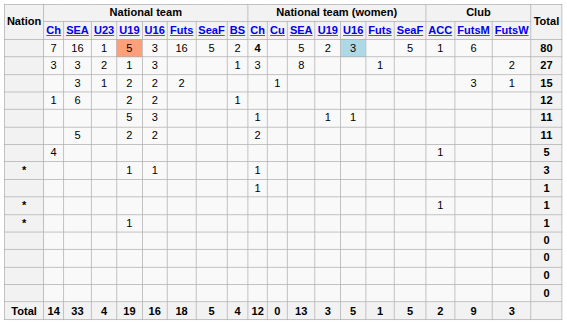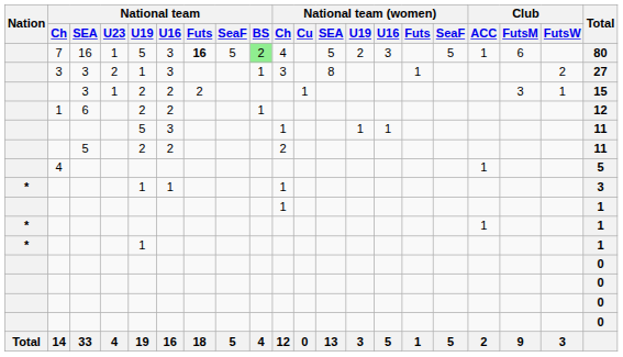 <table class="wikitable" style="text-align:center">
 <tr>
 <th rowspan=2>Nation</th>
 <th colspan=8>National team</th>
 <th colspan=7>National team (women)</th>
 <th colspan=3>Club</th>
 <th rowspan=2>Total</th>
 </tr>
 <tr>
 <th><a href='#'>Ch</a></th>
 <th><a href='#'>SEA</a></th>
 <th><a href='#'>U23</a></th>
 <th><a href='#'>U19</a></th>
 <th><a href='#'>U16</a></th>
 <th><a href='#'>Futs</a></th>
 <th><a href='#'>SeaF</a></th>
 <th><a href='#'>BS</a></th>
 <th><a href='#'>Ch</a></th>
 <th><a href='#'>Cu</a></th>
 <th><a href='#'>SEA</a></th>
 <th><a href='#'>U19</a></th>
 <th><a href='#'>U16</a></th>
 <th><a href='#'>Futs</a></th>
 <th><a href='#'>SeaF</a></th>
 <th><a href='#'>ACC</a></th>
 <th><a href='#'>FutsM</a></th>
 <th><a href='#'>FutsW</a></th>
 </tr>
 <tr>
 <th></th>
 <td>7</td>
 <td>16</td>
 <td>1</td>
-<td style="background: lightsalmon;">5</td>
+<td>5</td>
 <td>3</td>
-<td>16</td>
+<td><strong>16</strong></td>
 <td>5</td>
-<td>2</td>
-<td><strong>4</strong></td>
+<td style="background: lightgreen;">2</td>
+<td>4</td>
 <td></td>
 <td>5</td>
 <td>2</td>
-<td style="background: lightblue;">3</td>
+<td>3</td>
 <td></td>
 <td>5</td>
 <td>1</td>
 <td>6</td>
 <td></td>
 <th>80</th>
 </tr>
 <tr>
 <th></th>
 <td>3</td>
 <td>3</td>
 <td>2</td>
 <td>1</td>
 <td>3</td>
 <td></td>
 <td></td>
 <td>1</td>
 <td>3</td>
 <td></td>
 <td>8</td>
 <td></td>
 <td></td>
 <td>1</td>
 <td></td>
 <td></td>
 <td></td>
 <td>2</td>
 <th>27</th>
 </tr>
 <tr>
 <th></th>
 <td></td>
 <td>3</td>
 <td>1</td>
 <td>2</td>
 <td>2</td>
 <td>2</td>
 <td></td>
 <td></td>
 <td></td>
 <td>1</td>
 <td></td>
 <td></td>
 <td></td>
 <td></td>
 <td></td>
 <td></td>
 <td>3</td>
 <td>1</td>
 <th>15</th>
 </tr>
 <tr>
 <th></th>
 <td>1</td>
 <td>6</td>
 <td></td>
 <td>2</td>
 <td>2</td>
 <td></td>
 <td></td>
 <td>1</td>
 <td></td>
 <td></td>
 <td></td>
 <td></td>
 <td></td>
 <td></td>
 <td></td>
 <td></td>
 <td></td>
 <td></td>
 <th>12</th>
 </tr>
 <tr>
 <th></th>
 <td></td>
 <td></td>
 <td></td>
 <td>5</td>
 <td>3</td>
 <td></td>
 <td></td>
 <td></td>
 <td>1</td>
 <td></td>
 <td></td>
 <td>1</td>
 <td>1</td>
 <td></td>
 <td></td>
 <td></td>
 <td></td>
 <td></td>
 <th>11</th>
 </tr>
 <tr>
 <th></th>
 <td></td>
 <td>5</td>
 <td></td>
 <td>2</td>
 <td>2</td>
 <td></td>
 <td></td>
 <td></td>
 <td>2</td>
 <td></td>
 <td></td>
 <td></td>
 <td></td>
 <td></td>
 <td></td>
 <td></td>
 <td></td>
 <td></td>
 <th>11</th>
 </tr>
 <tr>
 <th></th>
 <td>4</td>
 <td></td>
 <td></td>
 <td></td>
 <td></td>
 <td></td>
 <td></td>
 <td></td>
 <td></td>
 <td></td>
 <td></td>
 <td></td>
 <td></td>
 <td></td>
 <td></td>
 <td>1</td>
 <td></td>
 <td></td>
 <th>5</th>
 </tr>
 <tr>
 <th>*</th>
 <td></td>
 <td></td>
 <td></td>
 <td>1</td>
 <td>1</td>
 <td></td>
 <td></td>
 <td></td>
 <td>1</td>
 <td></td>
 <td></td>
 <td></td>
 <td></td>
 <td></td>
 <td></td>
 <td></td>
 <td></td>
 <td></td>
 <th>3</th>
 </tr>
 <tr>
 <th></th>
 <td></td>
 <td></td>
 <td></td>
 <td></td>
 <td></td>
 <td></td>
 <td></td>
 <td></td>
 <td>1</td>
 <td></td>
 <td></td>
 <td></td>
 <td></td>
 <td></td>
 <td></td>
 <td></td>
 <td></td>
 <td></td>
 <th>1</th>
 </tr>
 <tr>
 <th>*</th>
 <td></td>
 <td></td>
 <td></td>
 <td></td>
 <td></td>
 <td></td>
 <td></td>
 <td></td>
 <td></td>
 <td></td>
 <td></td>
 <td></td>
 <td></td>
 <td></td>
 <td></td>
 <td>1</td>
 <td></td>
 <td></td>
 <th>1</th>
 </tr>
 <tr>
 <th>*</th>
 <td></td>
 <td></td>
 <td></td>
 <td>1</td>
 <td></td>
 <td></td>
 <td></td>
 <td></td>
 <td></td>
 <td></td>
 <td></td>
 <td></td>
 <td></td>
 <td></td>
 <td></td>
 <td></td>
 <td></td>
 <td></td>
 <th>1</th>
 </tr>
 <tr>
 <th></th>
 <td></td>
 <td></td>
 <td></td>
 <td></td>
 <td></td>
 <td></td>
 <td></td>
 <td></td>
 <td></td>
 <td></td>
 <td></td>
 <td></td>
 <td></td>
 <td></td>
 <td></td>
 <td></td>
 <td></td>
 <td></td>
 <th>0</th>
 </tr>
 <tr>
 <th></th>
 <td></td>
 <td></td>
 <td></td>
 <td></td>
 <td></td>
 <td></td>
 <td></td>
 <td></td>
 <td></td>
 <td></td>
 <td></td>
 <td></td>
 <td></td>
 <td></td>
 <td></td>
 <td></td>
 <td></td>
 <td></td>
 <th>0</th>
 </tr>
 <tr>
 <th></th>
 <td></td>
 <td></td>
 <td></td>
 <td></td>
 <td></td>
 <td></td>
 <td></td>
 <td></td>
 <td></td>
 <td></td>
 <td></td>
 <td></td>
 <td></td>
 <td></td>
 <td></td>
 <td></td>
 <td></td>
 <td></td>
 <th>0</th>
 </tr>
 <tr>
 <th></th>
 <td></td>
 <td></td>
 <td></td>
 <td></td>
 <td></td>
 <td></td>
 <td></td>
 <td></td>
 <td></td>
 <td></td>
 <td></td>
 <td></td>
 <td></td>
 <td></td>
 <td></td>
 <td></td>
 <td></td>
 <td></td>
 <th>0</th>
 </tr>
 <tr>
 <th>Total</th>
 <th>14</th>
 <th>33</th>
 <th>4</th>
 <th>19</th>
 <th>16</th>
 <th>18</th>
 <th>5</th>
 <th>4</th>
 <th>12</th>
 <th>0</th>
 <th>13</th>
 <th>3</th>
 <th>5</th>
 <th>1</th>
 <th>5</th>
 <th>2</th>
 <th>9</th>
 <th>3</th>
 <th></th>
 </tr>
 </table>
